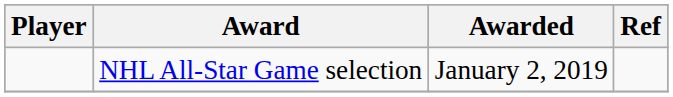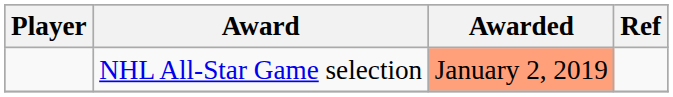 <table class="wikitable" style="width:auto;">
 <tr>
 <th>Player</th>
 <th>Award</th>
 <th>Awarded</th>
 <th>Ref</th>
 </tr>
 <tr>
 <td></td>
 <td><a href='#'>NHL All-Star Game</a> selection</td>
-<td>January 2, 2019</td>
+<td style="background: lightsalmon;">January 2, 2019</td>
 <td></td>
 </tr>
 <tr>
 </tr>
 </table>
